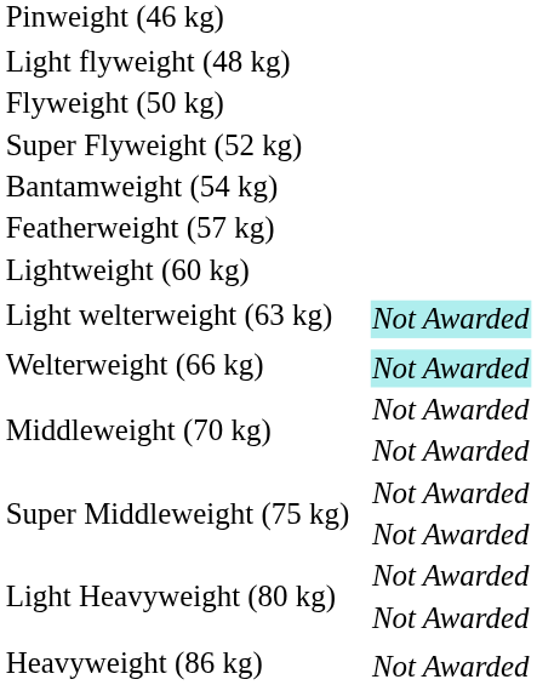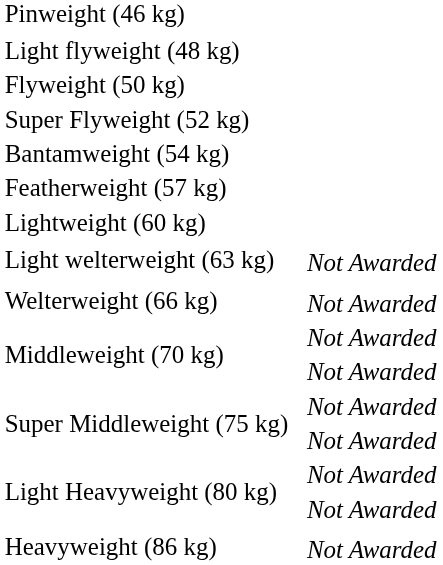 <table>
 <tr>
 <td rowspan=2>Pinweight (46 kg)</td>
 <td rowspan=2></td>
 <td rowspan=2></td>
 <td></td>
 </tr>
 <tr>
 <td></td>
 </tr>
 <tr>
 </tr>
 <tr>
 <td rowspan=2>Light flyweight (48 kg)</td>
 <td rowspan=2></td>
 <td rowspan=2></td>
 <td></td>
 </tr>
 <tr>
 <td></td>
 </tr>
 <tr>
 <td rowspan=2>Flyweight (50 kg)</td>
 <td rowspan=2></td>
 <td rowspan=2></td>
 <td></td>
 </tr>
 <tr>
 <td></td>
 </tr>
 <tr>
 <td rowspan=2>Super Flyweight (52 kg)</td>
 <td rowspan=2></td>
 <td rowspan=2></td>
 <td></td>
 </tr>
 <tr>
 <td></td>
 </tr>
 <tr>
 <td rowspan=2>Bantamweight (54 kg)</td>
 <td rowspan=2></td>
 <td rowspan=2></td>
 <td></td>
 </tr>
 <tr>
 <td></td>
 </tr>
 <tr>
 <td rowspan=2>Featherweight (57 kg)</td>
 <td rowspan=2></td>
 <td rowspan=2></td>
 <td></td>
 </tr>
 <tr>
 <td></td>
 </tr>
 <tr>
 <td rowspan=2>Lightweight (60 kg)</td>
 <td rowspan=2></td>
 <td rowspan=2></td>
 <td></td>
 </tr>
 <tr>
 <td></td>
 </tr>
 <tr>
 <td rowspan=2>Light welterweight (63 kg)</td>
 <td rowspan=2></td>
 <td rowspan=2></td>
 <td></td>
 </tr>
 <tr>
-<td style="background: paleturquoise;"><em>Not Awarded</em></td>
+<td><em>Not Awarded</em></td>
 </tr>
 <tr>
 <td rowspan=2>Welterweight (66 kg)</td>
 <td rowspan=2></td>
 <td rowspan=2></td>
 <td></td>
 </tr>
 <tr>
-<td style="background: paleturquoise;"><em>Not Awarded</em></td>
+<td><em>Not Awarded</em></td>
 </tr>
 <tr>
 <td rowspan=2>Middleweight (70 kg)<br></td>
 <td rowspan=2></td>
 <td rowspan=2></td>
 <td><em>Not Awarded</em></td>
 </tr>
 <tr>
 <td><em>Not Awarded</em></td>
 </tr>
 <tr>
 <td rowspan=2>Super Middleweight (75 kg)<br></td>
 <td rowspan=2></td>
 <td rowspan=2></td>
 <td><em>Not Awarded</em></td>
 </tr>
 <tr>
 <td><em>Not Awarded</em></td>
 </tr>
 <tr>
 <td rowspan=2>Light Heavyweight (80 kg)<br></td>
 <td rowspan=2></td>
 <td rowspan=2></td>
 <td><em>Not Awarded</em></td>
 </tr>
 <tr>
 <td><em>Not Awarded</em></td>
 </tr>
 <tr>
 <td rowspan=2>Heavyweight (86 kg)<br></td>
 <td rowspan=2></td>
 <td rowspan=2></td>
 <td></td>
 </tr>
 <tr>
 <td><em>Not Awarded</em></td>
 </tr>
 </table>
